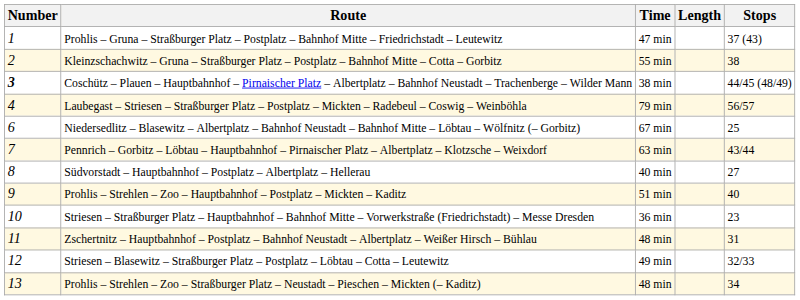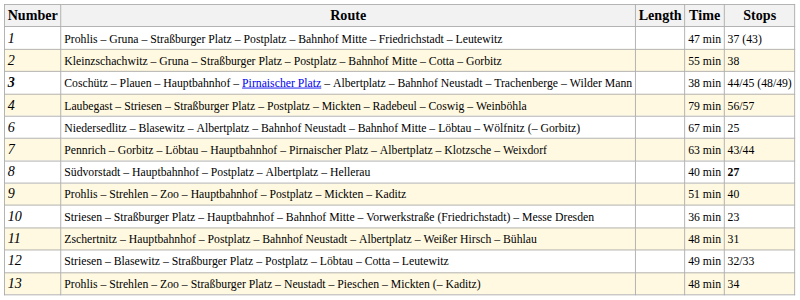 <table class="wikitable" bgcolor="#DDDDFF">
 <tr bgcolor="#FFF9E1">
 <th>Number</th>
 <th>Route</th>
+<th>Length</th>
 <th>Time</th>
-<th>Length</th>
 <th>Stops</th>
 </tr>
 <tr bgcolor="#FFFFFF">
 <td><em>1</em></td>
 <td><small>Prohlis – Gruna – Straßburger Platz – Postplatz – Bahnhof Mitte – Friedrichstadt – Leutewitz</small></td>
+<td><small></small></td>
 <td><small>47 min</small></td>
-<td><small></small></td>
 <td><small>37 (43)</small></td>
 </tr>
 <tr bgcolor="#FFF9E1">
 <td><em>2</em></td>
 <td><small>Kleinzschachwitz – Gruna – Straßburger Platz – Postplatz – Bahnhof Mitte – Cotta – Gorbitz</small></td>
+<td><small></small></td>
 <td><small>55 min</small></td>
-<td><small></small></td>
 <td><small>38</small></td>
 </tr>
 <tr bgcolor="#FFFFFF">
 <td><strong><em>3</em></strong></td>
 <td><small>Coschütz – Plauen – Hauptbahnhof – <a href='#'>Pirnaischer Platz</a> – Albertplatz – Bahnhof Neustadt – Trachenberge – Wilder Mann</small></td>
+<td><small></small></td>
 <td><small>38 min</small></td>
-<td><small></small></td>
 <td><small>44/45 (48/49)</small></td>
 </tr>
 <tr bgcolor="#FFF9E1">
 <td><em>4</em></td>
 <td><small>Laubegast – Striesen – Straßburger Platz – Postplatz – Mickten – Radebeul – Coswig – Weinböhla</small></td>
+<td><small></small></td>
 <td><small>79 min</small></td>
-<td><small></small></td>
 <td><small>56/57</small></td>
 </tr>
 <tr bgcolor="#FFFFFF">
 <td><em>6</em></td>
 <td><small>Niedersedlitz – Blasewitz – Albertplatz – Bahnhof Neustadt – Bahnhof Mitte – Löbtau – Wölfnitz (– Gorbitz) </small></td>
+<td><small></small></td>
 <td><small>67 min</small></td>
-<td><small></small></td>
 <td><small>25</small></td>
 </tr>
 <tr bgcolor="#FFF9E1">
 <td><em>7</em></td>
 <td><small>Pennrich – Gorbitz – Löbtau – Hauptbahnhof – Pirnaischer Platz – Albertplatz – Klotzsche – Weixdorf</small></td>
+<td><small></small></td>
 <td><small>63 min</small></td>
-<td><small></small></td>
 <td><small>43/44</small></td>
 </tr>
 <tr bgcolor="#FFFFFF">
 <td><em>8</em></td>
 <td><small>Südvorstadt – Hauptbahnhof – Postplatz – Albertplatz – Hellerau</small></td>
+<td><small></small></td>
 <td><small>40 min</small></td>
-<td><small></small></td>
-<td><small>27</small></td>
+<td><strong><small>27</small></strong></td>
 </tr>
 <tr bgcolor="#FFF9E1">
 <td><em>9</em></td>
 <td><small>Prohlis – Strehlen – Zoo – Hauptbahnhof – Postplatz – Mickten – Kaditz</small></td>
+<td><small></small></td>
 <td><small>51 min</small></td>
-<td><small></small></td>
 <td><small>40</small></td>
 </tr>
 <tr bgcolor="#FFFFFF">
 <td><em>10</em></td>
 <td><small>Striesen – Straßburger Platz – Hauptbahnhof – Bahnhof Mitte – Vorwerkstraße (Friedrichstadt) – Messe Dresden</small></td>
+<td><small></small></td>
 <td><small>36 min</small></td>
-<td><small></small></td>
 <td><small>23</small></td>
 </tr>
 <tr bgcolor="#FFF9E1">
 <td><em>11</em></td>
 <td><small>Zschertnitz – Hauptbahnhof – Postplatz – Bahnhof Neustadt – Albertplatz – Weißer Hirsch – Bühlau</small></td>
+<td><small></small></td>
 <td><small>48 min</small></td>
-<td><small></small></td>
 <td><small>31</small></td>
 </tr>
 <tr bgcolor="#FFFFFF">
 <td><em>12</em></td>
 <td><small>Striesen – Blasewitz – Straßburger Platz – Postplatz – Löbtau – Cotta – Leutewitz</small></td>
+<td><small></small></td>
 <td><small>49 min</small></td>
-<td><small></small></td>
 <td><small>32/33</small></td>
 </tr>
 <tr bgcolor="#FFF9E1">
 <td><em>13</em></td>
 <td><small>Prohlis – Strehlen – Zoo – Straßburger Platz – Neustadt – Pieschen – Mickten (– Kaditz)</small></td>
+<td><small></small></td>
 <td><small>48 min</small></td>
-<td><small></small></td>
 <td><small>34</small></td>
 </tr>
 </table>
